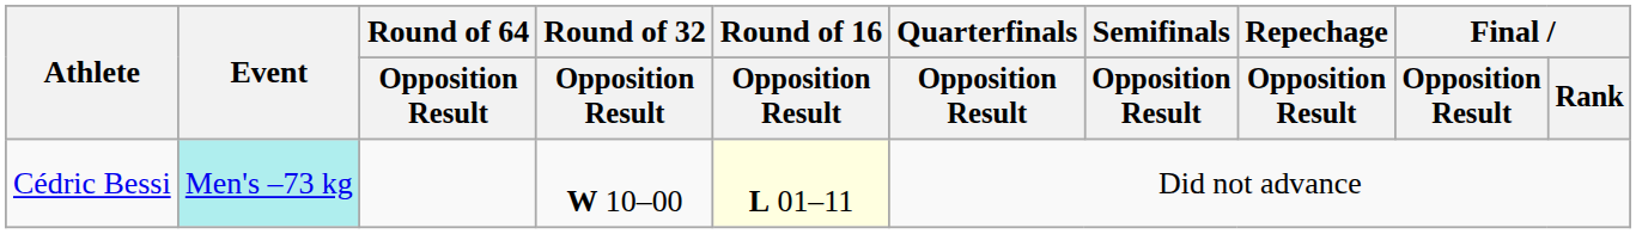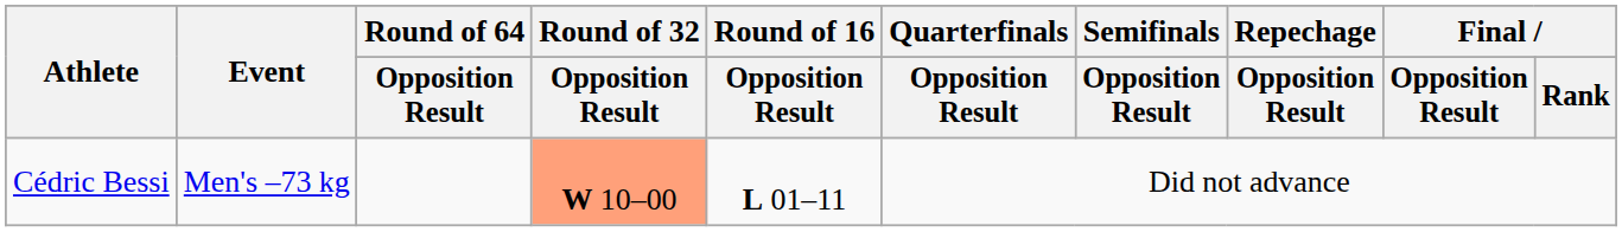 <table class="wikitable" style="font-size:90%">
 <tr>
 <th rowspan="2">Athlete</th>
 <th rowspan="2">Event</th>
 <th>Round of 64</th>
 <th>Round of 32</th>
 <th>Round of 16</th>
 <th>Quarterfinals</th>
 <th>Semifinals</th>
 <th>Repechage</th>
 <th colspan=2>Final / </th>
 </tr>
 <tr style="font-size:95%">
 <th>Opposition<br>Result</th>
 <th>Opposition<br>Result</th>
 <th>Opposition<br>Result</th>
 <th>Opposition<br>Result</th>
 <th>Opposition<br>Result</th>
 <th>Opposition<br>Result</th>
 <th>Opposition<br>Result</th>
 <th>Rank</th>
 </tr>
 <tr align=center>
 <td align=left><a href='#'>Cédric Bessi</a></td>
-<td align=left style="background: paleturquoise;"><a href='#'>Men's –73 kg</a></td>
+<td align=left><a href='#'>Men's –73 kg</a></td>
 <td></td>
-<td><br><strong>W</strong> 10–00</td>
-<td style="background: lightyellow;"><br><strong>L</strong> 01–11</td>
+<td style="background: lightsalmon;"><br><strong>W</strong> 10–00</td>
+<td><br><strong>L</strong> 01–11</td>
 <td colspan="5">Did not advance</td>
 </tr>
 </table>
